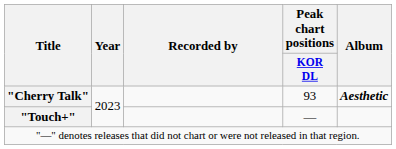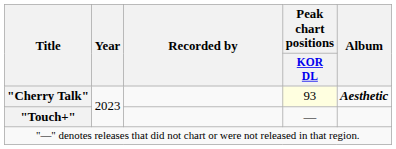 <table class="wikitable plainrowheaders" style="text-align:center">
 <tr>
 <th scope="col" rowspan="2">Title</th>
 <th scope="col" rowspan="2">Year</th>
 <th scope="col" rowspan="2" style="width:12em">Recorded by</th>
 <th scope="col">Peak chart positions</th>
 <th scope="col" rowspan="2">Album</th>
 </tr>
 <tr>
 <th scope="col" style="font-size:90%; width:3em"><a href='#'>KOR<br>DL</a><br></th>
 </tr>
 <tr>
 <th scope="row">"Cherry Talk"</th>
 <td rowspan="2">2023</td>
 <td style="text-align:left"></td>
-<td>93</td>
+<td style="background: lightyellow;">93</td>
 <td><strong><em>Aesthetic</em></strong></td>
 </tr>
 <tr>
 <th scope="row">"Touch+"</th>
 <td style="text-align:left"></td>
 <td>—</td>
 <td></td>
 </tr>
 <tr>
 <td colspan="5" style="font-size:85%">"—" denotes releases that did not chart or were not released in that region.</td>
 </tr>
 </table>
